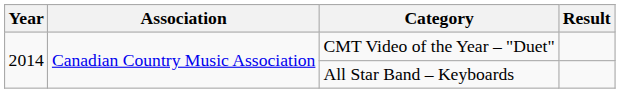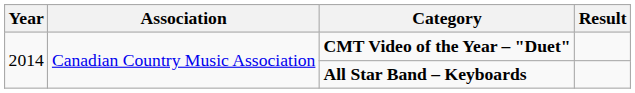 <table class="wikitable">
 <tr>
 <th>Year</th>
 <th>Association</th>
 <th>Category</th>
 <th>Result</th>
 </tr>
 <tr>
 <td rowspan="2">2014</td>
 <td rowspan="2"><a href='#'>Canadian Country Music Association</a></td>
-<td>CMT Video of the Year – "Duet"</td>
+<td><strong>CMT Video of the Year – "Duet"</strong></td>
 <td></td>
 </tr>
 <tr>
-<td>All Star Band – Keyboards</td>
+<td><strong>All Star Band – Keyboards</strong></td>
 <td></td>
 </tr>
 </table>
